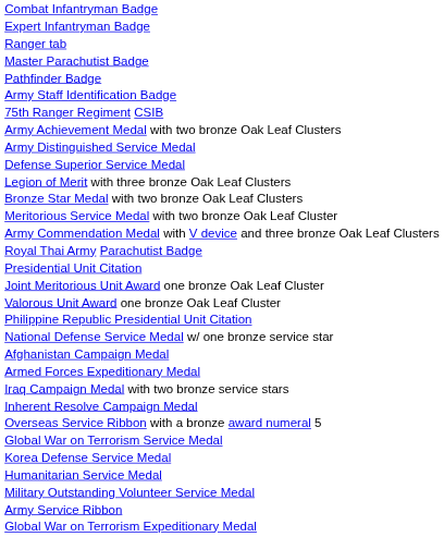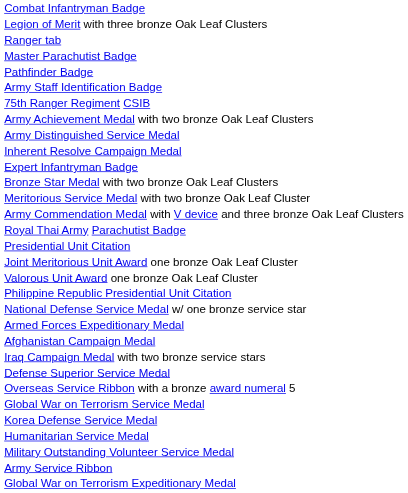 <table>
 <tr>
 <td> <a href='#'>Combat Infantryman Badge</a></td>
 </tr>
 <tr>
-<td> <a href='#'>Expert Infantryman Badge</a></td>
+<td> <a href='#'>Legion of Merit</a> with three bronze Oak Leaf Clusters</td>
 </tr>
 <tr>
 <td> <a href='#'>Ranger tab</a></td>
 </tr>
 <tr>
 <td> <a href='#'>Master Parachutist Badge</a></td>
 </tr>
 <tr>
 <td> <a href='#'>Pathfinder Badge</a></td>
 </tr>
 <tr>
 <td> <a href='#'>Army Staff Identification Badge</a></td>
 </tr>
 <tr>
 <td> <a href='#'>75th Ranger Regiment</a> <a href='#'>CSIB</a></td>
 </tr>
 <tr>
 <td> <a href='#'>Army Achievement Medal</a> with two bronze Oak Leaf Clusters</td>
 </tr>
 <tr>
 <td> <a href='#'>Army Distinguished Service Medal</a></td>
 </tr>
 <tr>
-<td> <a href='#'>Defense Superior Service Medal</a></td>
+<td> <a href='#'>Inherent Resolve Campaign Medal</a></td>
 </tr>
 <tr>
-<td> <a href='#'>Legion of Merit</a> with three bronze Oak Leaf Clusters</td>
+<td> <a href='#'>Expert Infantryman Badge</a></td>
 </tr>
 <tr>
 <td> <a href='#'>Bronze Star Medal</a> with two bronze Oak Leaf Clusters</td>
 </tr>
 <tr>
 <td> <a href='#'>Meritorious Service Medal</a> with two bronze Oak Leaf Cluster</td>
 </tr>
 <tr>
 <td><span></span><span></span><span></span><span></span> <a href='#'>Army Commendation Medal</a> with <a href='#'>V device</a> and three bronze Oak Leaf Clusters</td>
 </tr>
 <tr>
 <td><a href='#'>Royal Thai Army</a> <a href='#'>Parachutist Badge</a></td>
 </tr>
 <tr>
 <td> <a href='#'>Presidential Unit Citation</a></td>
 </tr>
 <tr>
 <td> <a href='#'>Joint Meritorious Unit Award</a> one bronze Oak Leaf Cluster</td>
 </tr>
 <tr>
 <td><a href='#'>Valorous Unit Award</a> one bronze Oak Leaf Cluster</td>
 </tr>
 <tr>
 <td> <a href='#'>Philippine Republic Presidential Unit Citation</a></td>
 </tr>
 <tr>
 <td> <a href='#'>National Defense Service Medal</a> w/ one bronze service star</td>
 </tr>
 <tr>
-<td> <a href='#'>Afghanistan Campaign Medal</a></td>
+<td> <a href='#'>Armed Forces Expeditionary Medal</a></td>
 </tr>
 <tr>
-<td> <a href='#'>Armed Forces Expeditionary Medal</a></td>
+<td> <a href='#'>Afghanistan Campaign Medal</a></td>
 </tr>
 <tr>
 <td> <a href='#'>Iraq Campaign Medal</a> with two bronze service stars</td>
 </tr>
 <tr>
-<td> <a href='#'>Inherent Resolve Campaign Medal</a></td>
+<td> <a href='#'>Defense Superior Service Medal</a></td>
 </tr>
 <tr>
 <td><span></span> <a href='#'>Overseas Service Ribbon</a> with a bronze <a href='#'>award numeral</a> 5</td>
 </tr>
 <tr>
 <td> <a href='#'>Global War on Terrorism Service Medal</a></td>
 </tr>
 <tr>
 <td> <a href='#'>Korea Defense Service Medal</a></td>
 </tr>
 <tr>
 <td> <a href='#'>Humanitarian Service Medal</a></td>
 </tr>
 <tr>
 <td> <a href='#'>Military Outstanding Volunteer Service Medal</a></td>
 </tr>
 <tr>
 <td> <a href='#'>Army Service Ribbon</a></td>
 </tr>
 <tr>
 <td> <a href='#'>Global War on Terrorism Expeditionary Medal</a></td>
 </tr>
 </table>
